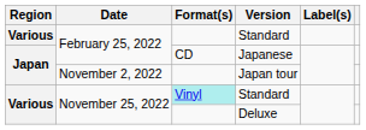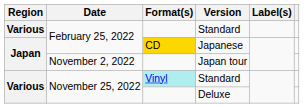 <table class="wikitable plainrowheaders">
 <tr>
 <th scope="col">Region</th>
 <th scope="col">Date</th>
 <th scope="col">Format(s)</th>
 <th scope="col">Version</th>
 <th scope="col">Label(s)</th>
 <th scope="col"></th>
 </tr>
 <tr>
 <th scope="row">Various</th>
 <td rowspan="2">February 25, 2022</td>
 <td></td>
 <td>Standard</td>
 <td></td>
 <td style="text-align:center;"></td>
 </tr>
 <tr>
 <th rowspan="2" scope="row">Japan</th>
-<td>CD</td>
+<td style="background: gold;">CD</td>
 <td>Japanese</td>
 <td rowspan="2"></td>
 <td style="text-align:center;"></td>
 </tr>
 <tr>
 <td>November 2, 2022</td>
 <td></td>
 <td>Japan tour</td>
 <td style="text-align:center;"></td>
 </tr>
 <tr>
 <th rowspan="2" scope="row">Various</th>
 <td rowspan="2">November 25, 2022</td>
 <td style="background: paleturquoise;"><a href='#'>Vinyl</a></td>
 <td>Standard</td>
 <td rowspan="2"></td>
 <td style="text-align:center;"></td>
 </tr>
 <tr>
 <td></td>
 <td>Deluxe</td>
 <td style="text-align:center;"></td>
 </tr>
 </table>
